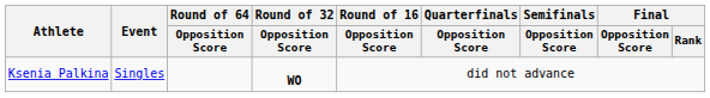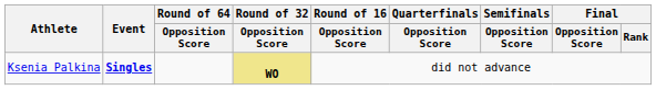 <table class=wikitable style="font-size:90%; text-align:center;">
 <tr>
 <th rowspan="2">Athlete</th>
 <th rowspan="2">Event</th>
 <th>Round of 64</th>
 <th>Round of 32</th>
 <th>Round of 16</th>
 <th>Quarterfinals</th>
 <th>Semifinals</th>
 <th colspan=2>Final</th>
 </tr>
 <tr style="font-size:95%">
 <th>Opposition<br>Score</th>
 <th>Opposition<br>Score</th>
 <th>Opposition<br>Score</th>
 <th>Opposition<br>Score</th>
 <th>Opposition<br>Score</th>
 <th>Opposition<br>Score</th>
 <th>Rank</th>
 </tr>
 <tr>
 <td align=left><a href='#'>Ksenia Palkina</a></td>
-<td align=left><a href='#'>Singles</a></td>
+<td align=left><strong><a href='#'>Singles</a></strong></td>
 <td></td>
-<td><br><strong>WO</strong></td>
+<td style="background: khaki;"><br><strong>WO</strong></td>
 <td colspan=5>did not advance</td>
 </tr>
 </table>
